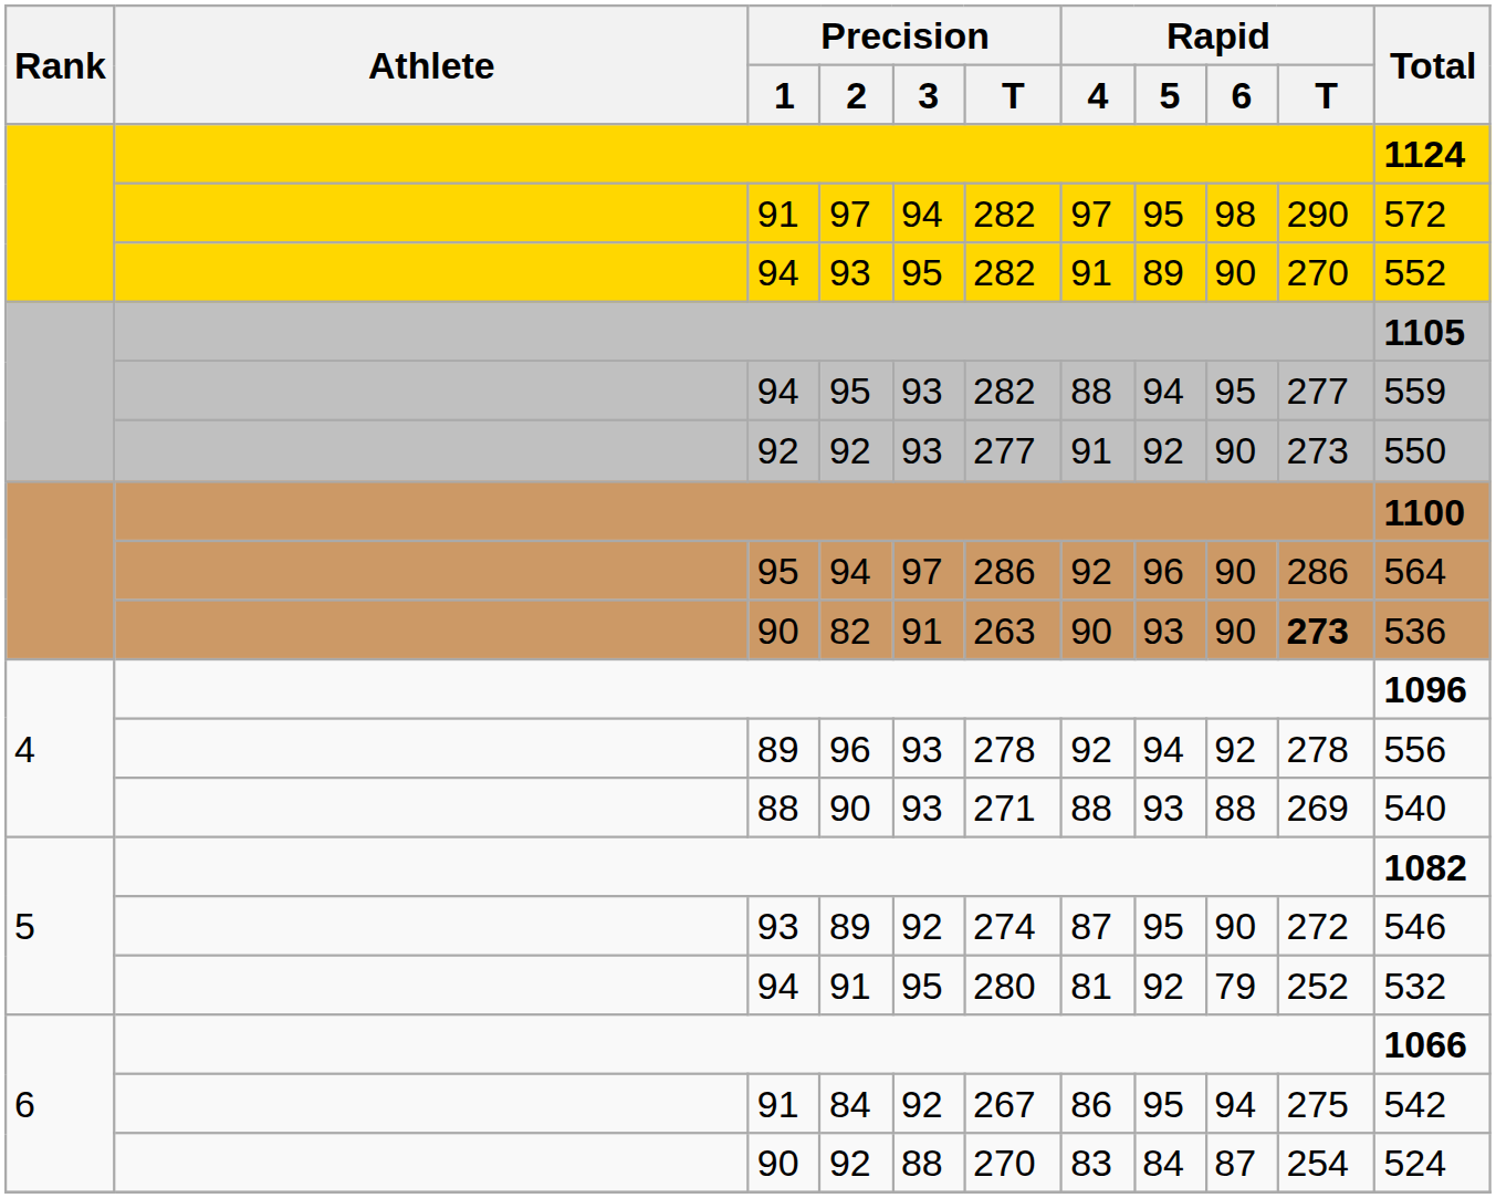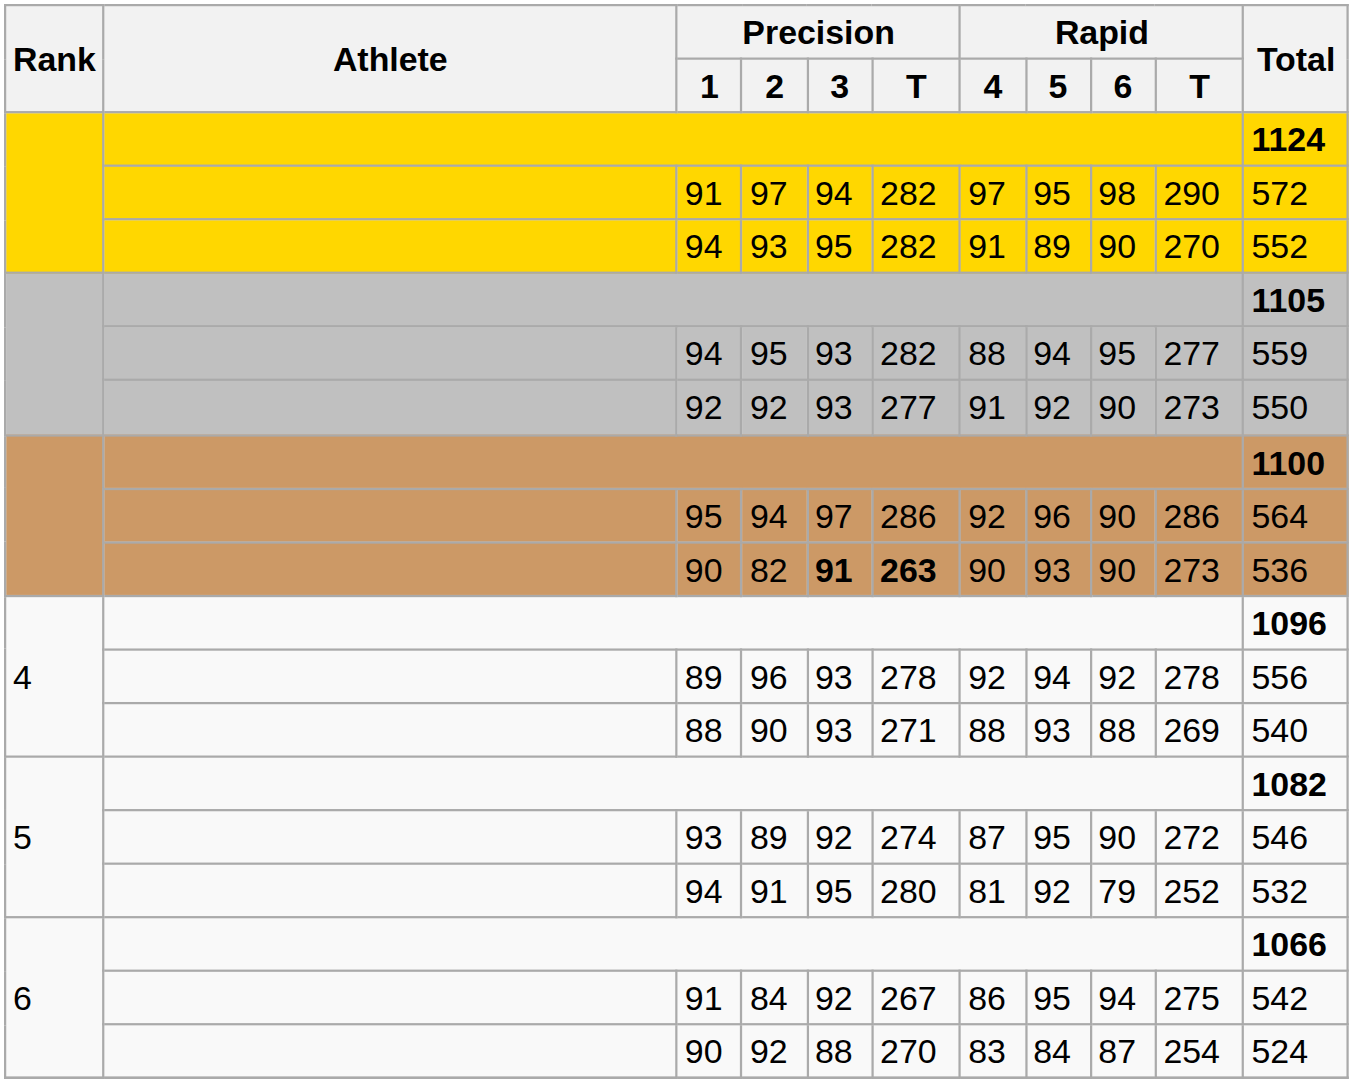 <table class="wikitable" style="font-size:95%" style="width:35em;" style="text-align:center">
 <tr>
 <th rowspan=2>Rank</th>
 <th rowspan=2 width=250>Athlete</th>
 <th colspan=4 width=120>Precision</th>
 <th colspan=4 width=120>Rapid</th>
 <th rowspan=2 width=40>Total</th>
 </tr>
 <tr>
 <th>1</th>
 <th>2</th>
 <th>3</th>
 <th>T</th>
 <th>4</th>
 <th>5</th>
 <th>6</th>
 <th>T</th>
 </tr>
 <tr bgcolor=gold>
 <td rowspan=3></td>
 <td colspan=9 align=left></td>
 <td><strong>1124</strong></td>
 </tr>
 <tr bgcolor=gold>
 <td align=left></td>
 <td>91</td>
 <td>97</td>
 <td>94</td>
 <td>282</td>
 <td>97</td>
 <td>95</td>
 <td>98</td>
 <td>290</td>
 <td>572</td>
 </tr>
 <tr bgcolor=gold>
 <td align=left></td>
 <td>94</td>
 <td>93</td>
 <td>95</td>
 <td>282</td>
 <td>91</td>
 <td>89</td>
 <td>90</td>
 <td>270</td>
 <td>552</td>
 </tr>
 <tr bgcolor=silver>
 <td rowspan=3></td>
 <td colspan=9 align=left></td>
 <td><strong>1105</strong></td>
 </tr>
 <tr bgcolor=silver>
 <td align=left></td>
 <td>94</td>
 <td>95</td>
 <td>93</td>
 <td>282</td>
 <td>88</td>
 <td>94</td>
 <td>95</td>
 <td>277</td>
 <td>559</td>
 </tr>
 <tr bgcolor=silver>
 <td align=left></td>
 <td>92</td>
 <td>92</td>
 <td>93</td>
 <td>277</td>
 <td>91</td>
 <td>92</td>
 <td>90</td>
 <td>273</td>
 <td>550</td>
 </tr>
 <tr bgcolor=cc9966>
 <td rowspan=3></td>
 <td colspan=9 align=left></td>
 <td><strong>1100</strong></td>
 </tr>
 <tr bgcolor=cc9966>
 <td align=left></td>
 <td>95</td>
 <td>94</td>
 <td>97</td>
 <td>286</td>
 <td>92</td>
 <td>96</td>
 <td>90</td>
 <td>286</td>
 <td>564</td>
 </tr>
 <tr bgcolor=cc9966>
 <td align=left></td>
 <td>90</td>
 <td>82</td>
-<td>91</td>
-<td>263</td>
+<td><strong>91</strong></td>
+<td><strong>263</strong></td>
 <td>90</td>
 <td>93</td>
 <td>90</td>
-<td><strong>273</strong></td>
+<td>273</td>
 <td>536</td>
 </tr>
 <tr>
 <td rowspan=3>4</td>
 <td colspan=9 align=left></td>
 <td><strong>1096</strong></td>
 </tr>
 <tr>
 <td align=left></td>
 <td>89</td>
 <td>96</td>
 <td>93</td>
 <td>278</td>
 <td>92</td>
 <td>94</td>
 <td>92</td>
 <td>278</td>
 <td>556</td>
 </tr>
 <tr>
 <td align=left></td>
 <td>88</td>
 <td>90</td>
 <td>93</td>
 <td>271</td>
 <td>88</td>
 <td>93</td>
 <td>88</td>
 <td>269</td>
 <td>540</td>
 </tr>
 <tr>
 <td rowspan=3>5</td>
 <td colspan=9 align=left></td>
 <td><strong>1082</strong></td>
 </tr>
 <tr>
 <td align=left></td>
 <td>93</td>
 <td>89</td>
 <td>92</td>
 <td>274</td>
 <td>87</td>
 <td>95</td>
 <td>90</td>
 <td>272</td>
 <td>546</td>
 </tr>
 <tr>
 <td align=left></td>
 <td>94</td>
 <td>91</td>
 <td>95</td>
 <td>280</td>
 <td>81</td>
 <td>92</td>
 <td>79</td>
 <td>252</td>
 <td>532</td>
 </tr>
 <tr>
 <td rowspan=3>6</td>
 <td colspan=9 align=left></td>
 <td><strong>1066</strong></td>
 </tr>
 <tr>
 <td align=left></td>
 <td>91</td>
 <td>84</td>
 <td>92</td>
 <td>267</td>
 <td>86</td>
 <td>95</td>
 <td>94</td>
 <td>275</td>
 <td>542</td>
 </tr>
 <tr>
 <td align=left></td>
 <td>90</td>
 <td>92</td>
 <td>88</td>
 <td>270</td>
 <td>83</td>
 <td>84</td>
 <td>87</td>
 <td>254</td>
 <td>524</td>
 </tr>
 <tr>
 </tr>
 </table>
